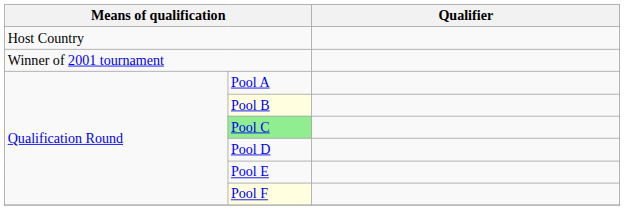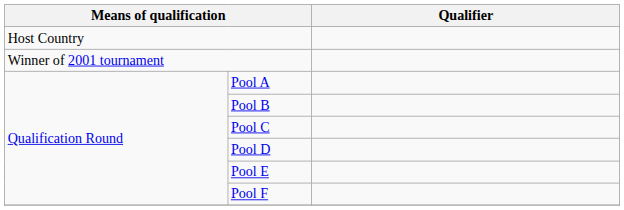 <table class="wikitable" width=700>
 <tr>
 <th colspan=2 width=30%>Means of qualification</th>
 <th width=30%>Qualifier</th>
 </tr>
 <tr>
 <td colspan=2 rowspan=1>Host Country</td>
 <td></td>
 </tr>
 <tr>
 <td colspan=2 rowspan=1>Winner of <a href='#'>2001 tournament</a></td>
 <td></td>
 </tr>
 <tr>
 <td rowspan=6><a href='#'>Qualification Round</a></td>
 <td><a href='#'>Pool A</a></td>
 <td></td>
 </tr>
 <tr>
-<td style="background: lightyellow;"><a href='#'>Pool B</a></td>
+<td><a href='#'>Pool B</a></td>
 <td></td>
 </tr>
 <tr>
-<td style="background: lightgreen;"><a href='#'>Pool C</a></td>
+<td><a href='#'>Pool C</a></td>
 <td></td>
 </tr>
 <tr>
 <td><a href='#'>Pool D</a></td>
 <td></td>
 </tr>
 <tr>
 <td><a href='#'>Pool E</a></td>
 <td></td>
 </tr>
 <tr>
-<td style="background: lightyellow;"><a href='#'>Pool F</a></td>
+<td><a href='#'>Pool F</a></td>
 <td></td>
 </tr>
 <tr>
 </tr>
 </table>
